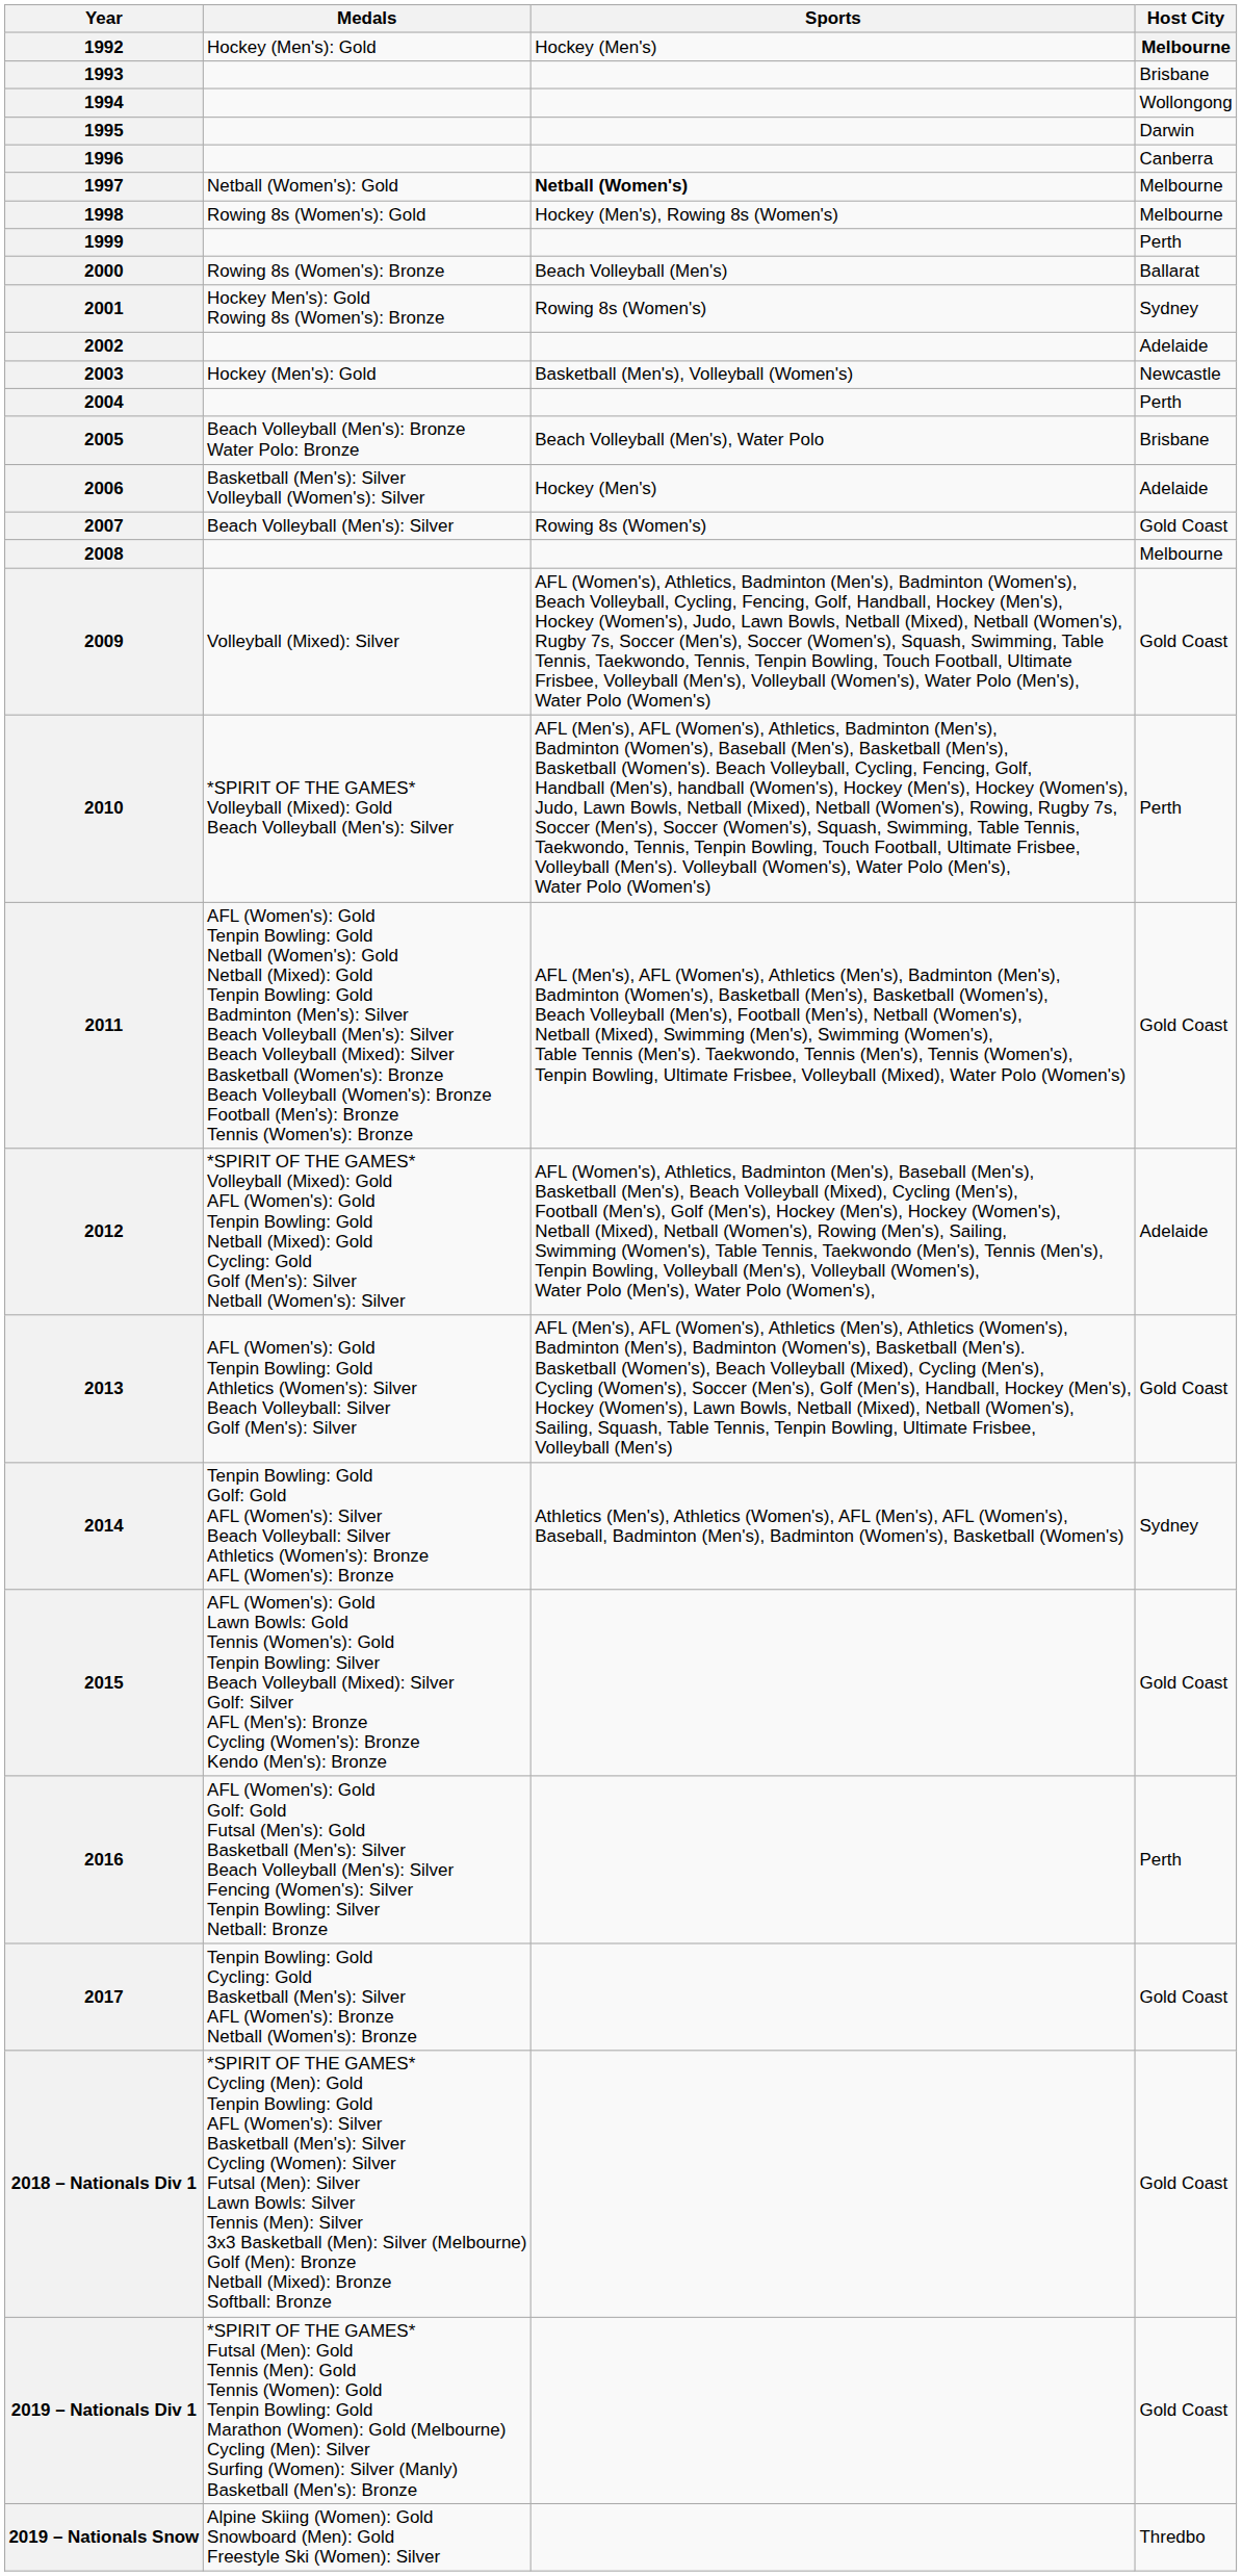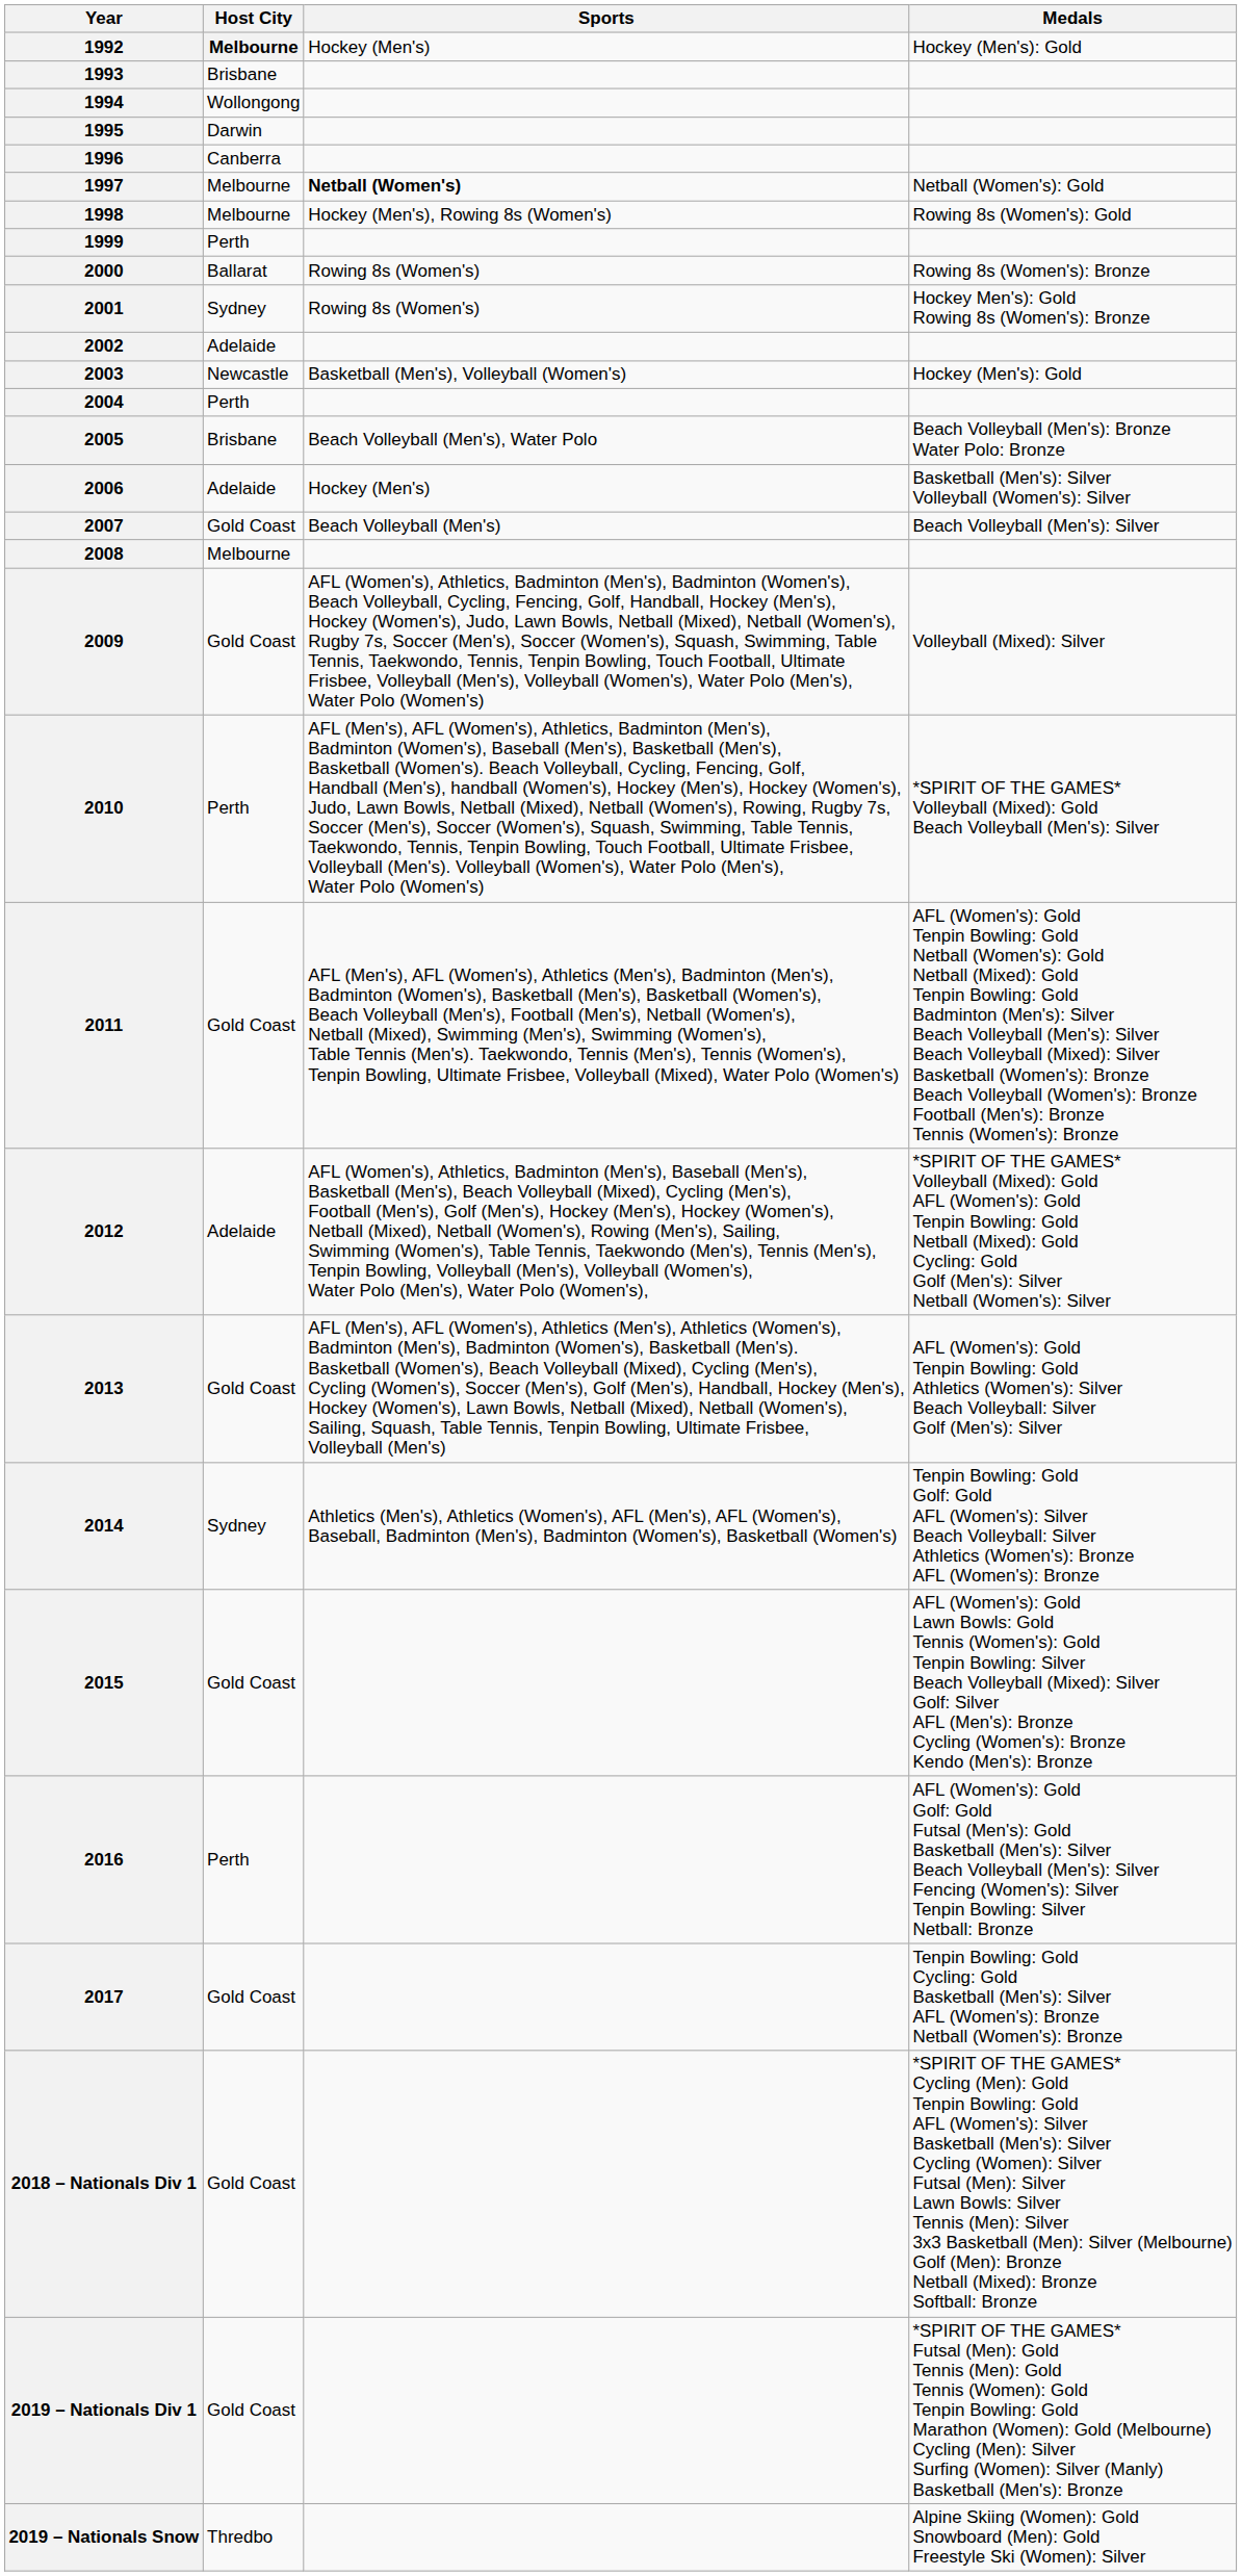 <table class="wikitable">
 <tr>
 <th>Year</th>
+<th>Host City</th>
+<th>Sports</th>
 <th>Medals</th>
-<th>Sports</th>
-<th>Host City</th>
 </tr>
 <tr>
 <th>1992</th>
+<th>Melbourne</th>
+<td>Hockey (Men's)</td>
 <td>Hockey (Men's): Gold</td>
-<td>Hockey (Men's)</td>
-<th>Melbourne</th>
 </tr>
 <tr>
 <th>1993</th>
+<td>Brisbane</td>
 <td></td>
 <td></td>
-<td>Brisbane</td>
 </tr>
 <tr>
 <th>1994</th>
+<td>Wollongong</td>
 <td></td>
 <td></td>
-<td>Wollongong</td>
 </tr>
 <tr>
 <th>1995</th>
+<td>Darwin</td>
 <td></td>
 <td></td>
-<td>Darwin</td>
 </tr>
 <tr>
 <th>1996</th>
+<td>Canberra</td>
 <td></td>
 <td></td>
-<td>Canberra</td>
 </tr>
 <tr>
 <th>1997</th>
+<td>Melbourne</td>
+<td><strong>Netball (Women's)</strong></td>
 <td>Netball (Women's): Gold</td>
-<td><strong>Netball (Women's)</strong></td>
-<td>Melbourne</td>
 </tr>
 <tr>
 <th>1998</th>
+<td>Melbourne</td>
+<td>Hockey (Men's), Rowing 8s (Women's)</td>
 <td>Rowing 8s (Women's): Gold</td>
-<td>Hockey (Men's), Rowing 8s (Women's)</td>
-<td>Melbourne</td>
 </tr>
 <tr>
 <th>1999</th>
+<td>Perth</td>
 <td></td>
 <td></td>
-<td>Perth</td>
 </tr>
 <tr>
 <th>2000</th>
+<td>Ballarat</td>
+<td>Rowing 8s (Women's)</td>
 <td>Rowing 8s (Women's): Bronze</td>
-<td>Beach Volleyball (Men's)</td>
-<td>Ballarat</td>
 </tr>
 <tr>
 <th>2001</th>
+<td>Sydney</td>
+<td>Rowing 8s (Women's)</td>
 <td>Hockey Men's): Gold<br>Rowing 8s (Women's): Bronze</td>
-<td>Rowing 8s (Women's)</td>
-<td>Sydney</td>
 </tr>
 <tr>
 <th>2002</th>
+<td>Adelaide</td>
 <td></td>
 <td></td>
-<td>Adelaide</td>
 </tr>
 <tr>
 <th>2003</th>
+<td>Newcastle</td>
+<td>Basketball (Men's), Volleyball (Women's)</td>
 <td>Hockey (Men's): Gold</td>
-<td>Basketball (Men's), Volleyball (Women's)</td>
-<td>Newcastle</td>
 </tr>
 <tr>
 <th>2004</th>
+<td>Perth</td>
 <td></td>
 <td></td>
-<td>Perth</td>
 </tr>
 <tr>
 <th>2005</th>
+<td>Brisbane</td>
+<td>Beach Volleyball (Men's), Water Polo</td>
 <td>Beach Volleyball (Men's): Bronze<br>Water Polo: Bronze</td>
-<td>Beach Volleyball (Men's), Water Polo</td>
-<td>Brisbane</td>
 </tr>
 <tr>
 <th>2006</th>
+<td>Adelaide</td>
+<td>Hockey (Men's)</td>
 <td>Basketball (Men's): Silver<br>Volleyball (Women's): Silver</td>
-<td>Hockey (Men's)</td>
-<td>Adelaide</td>
 </tr>
 <tr>
 <th>2007</th>
+<td>Gold  Coast</td>
+<td>Beach Volleyball (Men's)</td>
 <td>Beach Volleyball (Men's): Silver</td>
-<td>Rowing 8s (Women's)</td>
-<td>Gold  Coast</td>
 </tr>
 <tr>
 <th>2008</th>
+<td>Melbourne</td>
 <td></td>
 <td></td>
-<td>Melbourne</td>
 </tr>
 <tr>
 <th>2009</th>
+<td>Gold Coast</td>
+<td>AFL (Women's), Athletics, Badminton (Men's), Badminton (Women's),<br>Beach Volleyball, Cycling, Fencing, Golf, Handball, Hockey (Men's),<br>Hockey (Women's), Judo, Lawn Bowls, Netball (Mixed), Netball (Women's),<br>Rugby 7s, Soccer (Men's), Soccer (Women's), Squash, Swimming, Table<br>Tennis, Taekwondo, Tennis, Tenpin Bowling, Touch Football, Ultimate<br>Frisbee, Volleyball (Men's), Volleyball (Women's), Water Polo (Men's),<br>Water Polo (Women's)</td>
 <td>Volleyball (Mixed): Silver</td>
-<td>AFL (Women's), Athletics, Badminton (Men's), Badminton (Women's),<br>Beach Volleyball, Cycling, Fencing, Golf, Handball, Hockey (Men's),<br>Hockey (Women's), Judo, Lawn Bowls, Netball (Mixed), Netball (Women's),<br>Rugby 7s, Soccer (Men's), Soccer (Women's), Squash, Swimming, Table<br>Tennis, Taekwondo, Tennis, Tenpin Bowling, Touch Football, Ultimate<br>Frisbee, Volleyball (Men's), Volleyball (Women's), Water Polo (Men's),<br>Water Polo (Women's)</td>
-<td>Gold Coast</td>
 </tr>
 <tr>
 <th>2010</th>
+<td>Perth</td>
+<td>AFL (Men's), AFL (Women's), Athletics, Badminton (Men's),<br>Badminton (Women's), Baseball (Men's), Basketball (Men's),<br>Basketball (Women's). Beach Volleyball, Cycling, Fencing, Golf,<br>Handball (Men's), handball (Women's), Hockey (Men's), Hockey (Women's),<br>Judo, Lawn Bowls, Netball (Mixed), Netball (Women's), Rowing, Rugby 7s,<br>Soccer (Men's), Soccer (Women's), Squash, Swimming, Table Tennis,<br>Taekwondo, Tennis, Tenpin Bowling, Touch Football, Ultimate Frisbee,<br>Volleyball (Men's). Volleyball (Women's), Water Polo (Men's),<br>Water Polo (Women's)</td>
 <td>*SPIRIT OF THE GAMES*<br>Volleyball (Mixed): Gold<br>Beach Volleyball (Men's): Silver <br></td>
-<td>AFL (Men's), AFL (Women's), Athletics, Badminton (Men's),<br>Badminton (Women's), Baseball (Men's), Basketball (Men's),<br>Basketball (Women's). Beach Volleyball, Cycling, Fencing, Golf,<br>Handball (Men's), handball (Women's), Hockey (Men's), Hockey (Women's),<br>Judo, Lawn Bowls, Netball (Mixed), Netball (Women's), Rowing, Rugby 7s,<br>Soccer (Men's), Soccer (Women's), Squash, Swimming, Table Tennis,<br>Taekwondo, Tennis, Tenpin Bowling, Touch Football, Ultimate Frisbee,<br>Volleyball (Men's). Volleyball (Women's), Water Polo (Men's),<br>Water Polo (Women's)</td>
-<td>Perth</td>
 </tr>
 <tr>
 <th>2011</th>
+<td>Gold  Coast</td>
+<td>AFL (Men's), AFL (Women's), Athletics (Men's), Badminton (Men's),<br>Badminton (Women's), Basketball (Men's), Basketball (Women's),<br>Beach Volleyball (Men's), Football (Men's), Netball (Women's),<br>Netball (Mixed), Swimming (Men's), Swimming (Women's),<br>Table Tennis (Men's). Taekwondo, Tennis (Men's), Tennis (Women's),<br>Tenpin Bowling, Ultimate Frisbee, Volleyball (Mixed), Water Polo (Women's)</td>
 <td>AFL (Women's): Gold<br>Tenpin Bowling: Gold<br>Netball (Women's): Gold<br>Netball (Mixed): Gold<br>Tenpin Bowling: Gold<br>Badminton (Men's): Silver<br>Beach Volleyball (Men's): Silver<br>Beach Volleyball (Mixed): Silver<br>Basketball (Women's): Bronze<br>Beach Volleyball (Women's): Bronze<br>Football (Men's): Bronze<br>Tennis (Women's): Bronze</td>
-<td>AFL (Men's), AFL (Women's), Athletics (Men's), Badminton (Men's),<br>Badminton (Women's), Basketball (Men's), Basketball (Women's),<br>Beach Volleyball (Men's), Football (Men's), Netball (Women's),<br>Netball (Mixed), Swimming (Men's), Swimming (Women's),<br>Table Tennis (Men's). Taekwondo, Tennis (Men's), Tennis (Women's),<br>Tenpin Bowling, Ultimate Frisbee, Volleyball (Mixed), Water Polo (Women's)</td>
-<td>Gold  Coast</td>
 </tr>
 <tr>
 <th>2012</th>
+<td>Adelaide</td>
+<td>AFL (Women's), Athletics, Badminton (Men's), Baseball (Men's),<br>Basketball (Men's), Beach Volleyball (Mixed), Cycling (Men's),<br>Football (Men's), Golf (Men's), Hockey (Men's), Hockey (Women's),<br>Netball (Mixed), Netball (Women's), Rowing (Men's), Sailing,<br>Swimming (Women's), Table Tennis, Taekwondo (Men's), Tennis (Men's),<br>Tenpin Bowling, Volleyball (Men's), Volleyball (Women's),<br>Water Polo (Men's), Water Polo (Women's),</td>
 <td>*SPIRIT OF THE GAMES*<br>Volleyball (Mixed): Gold<br>AFL (Women's): Gold<br>Tenpin Bowling: Gold<br>Netball (Mixed): Gold<br>Cycling: Gold<br>Golf (Men's): Silver<br>Netball (Women's): Silver</td>
-<td>AFL (Women's), Athletics, Badminton (Men's), Baseball (Men's),<br>Basketball (Men's), Beach Volleyball (Mixed), Cycling (Men's),<br>Football (Men's), Golf (Men's), Hockey (Men's), Hockey (Women's),<br>Netball (Mixed), Netball (Women's), Rowing (Men's), Sailing,<br>Swimming (Women's), Table Tennis, Taekwondo (Men's), Tennis (Men's),<br>Tenpin Bowling, Volleyball (Men's), Volleyball (Women's),<br>Water Polo (Men's), Water Polo (Women's),</td>
-<td>Adelaide</td>
 </tr>
 <tr>
 <th>2013</th>
+<td>Gold  Coast</td>
+<td>AFL (Men's), AFL (Women's), Athletics (Men's), Athletics (Women's),<br>Badminton (Men's), Badminton (Women's), Basketball (Men's).<br>Basketball (Women's), Beach Volleyball (Mixed), Cycling (Men's),<br>Cycling (Women's), Soccer (Men's), Golf (Men's), Handball, Hockey (Men's),<br>Hockey (Women's), Lawn Bowls, Netball (Mixed), Netball (Women's),<br>Sailing, Squash, Table Tennis, Tenpin Bowling, Ultimate Frisbee,<br>Volleyball (Men's)</td>
 <td>AFL (Women's): Gold<br>Tenpin Bowling: Gold<br>Athletics (Women's): Silver<br>Beach Volleyball: Silver<br>Golf (Men's): Silver</td>
-<td>AFL (Men's), AFL (Women's), Athletics (Men's), Athletics (Women's),<br>Badminton (Men's), Badminton (Women's), Basketball (Men's).<br>Basketball (Women's), Beach Volleyball (Mixed), Cycling (Men's),<br>Cycling (Women's), Soccer (Men's), Golf (Men's), Handball, Hockey (Men's),<br>Hockey (Women's), Lawn Bowls, Netball (Mixed), Netball (Women's),<br>Sailing, Squash, Table Tennis, Tenpin Bowling, Ultimate Frisbee,<br>Volleyball (Men's)</td>
-<td>Gold  Coast</td>
 </tr>
 <tr>
 <th>2014</th>
+<td>Sydney</td>
+<td>Athletics (Men's), Athletics (Women's), AFL (Men's), AFL (Women's),<br>Baseball, Badminton (Men's), Badminton (Women's), Basketball (Women's)</td>
 <td>Tenpin  Bowling: Gold<br>Golf: Gold<br>AFL (Women's): Silver<br>Beach Volleyball: Silver<br>Athletics (Women's): Bronze<br>AFL (Women's): Bronze</td>
-<td>Athletics (Men's), Athletics (Women's), AFL (Men's), AFL (Women's),<br>Baseball, Badminton (Men's), Badminton (Women's), Basketball (Women's)</td>
-<td>Sydney</td>
 </tr>
 <tr>
 <th>2015</th>
+<td>Gold  Coast</td>
+<td></td>
 <td>AFL (Women's): Gold<br>Lawn Bowls: Gold<br>Tennis (Women's): Gold<br>Tenpin Bowling: Silver<br>Beach Volleyball (Mixed): Silver<br>Golf: Silver<br>AFL (Men's): Bronze<br>Cycling (Women's): Bronze<br>Kendo (Men's): Bronze</td>
-<td></td>
-<td>Gold  Coast</td>
 </tr>
 <tr>
 <th>2016</th>
+<td>Perth</td>
+<td></td>
 <td>AFL (Women's): Gold<br>Golf: Gold<br>Futsal (Men's): Gold<br>Basketball (Men's): Silver<br>Beach Volleyball (Men's): Silver<br>Fencing (Women's): Silver<br>Tenpin Bowling: Silver<br>Netball: Bronze</td>
-<td></td>
-<td>Perth</td>
 </tr>
 <tr>
 <th>2017</th>
+<td>Gold Coast</td>
+<td></td>
 <td>Tenpin  Bowling: Gold<br>Cycling: Gold<br>Basketball (Men's): Silver<br>AFL (Women's): Bronze<br>Netball (Women's): Bronze</td>
-<td></td>
-<td>Gold Coast</td>
 </tr>
 <tr>
 <th>2018 – Nationals Div 1</th>
+<td>Gold Coast</td>
+<td></td>
 <td>*SPIRIT OF THE GAMES*<br>Cycling (Men): Gold<br>Tenpin Bowling: Gold<br>AFL (Women's): Silver<br>Basketball (Men's): Silver<br>Cycling (Women): Silver<br>Futsal (Men): Silver<br>Lawn Bowls: Silver<br>Tennis (Men): Silver<br>3x3 Basketball (Men): Silver (Melbourne)<br>Golf (Men): Bronze<br>Netball (Mixed): Bronze<br>Softball: Bronze</td>
-<td></td>
-<td>Gold Coast</td>
 </tr>
 <tr>
 <th>2019 – Nationals Div 1</th>
+<td>Gold Coast</td>
+<td></td>
 <td>*SPIRIT OF THE GAMES*<br>Futsal (Men): Gold<br>Tennis (Men): Gold<br>Tennis (Women): Gold<br>Tenpin Bowling: Gold<br>Marathon (Women): Gold (Melbourne)<br>Cycling (Men): Silver<br>Surfing (Women): Silver (Manly)<br>Basketball (Men's): Bronze</td>
-<td></td>
-<td>Gold Coast</td>
 </tr>
 <tr>
 <th>2019 – Nationals Snow</th>
+<td>Thredbo</td>
+<td></td>
 <td>Alpine Skiing (Women): Gold<br>Snowboard (Men): Gold<br>Freestyle Ski (Women): Silver</td>
-<td></td>
-<td>Thredbo</td>
 </tr>
 </table>
